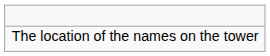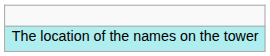 <table class="wikitable infobox" style="font-size: 85%; border: 1px solid #D3D3D3" cellspacing="0" cellpadding="0">
 <tr>
 <td style="padding: 2px"><br><div><strong></strong> </div></td>
 </tr>
 <tr>
-<td style="padding: 6px; padding-top: 2px">The location of the names on the tower</td>
+<td style="background: paleturquoise; padding: 6px; padding-top: 2px">The location of the names on the tower</td>
 </tr>
 </table>
